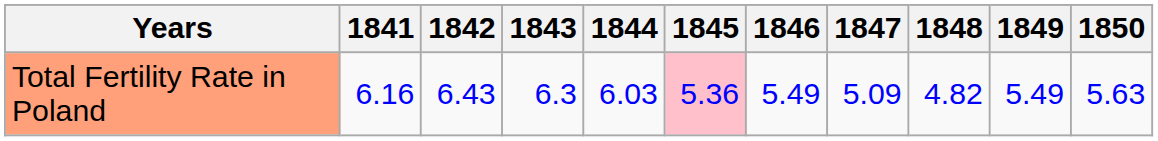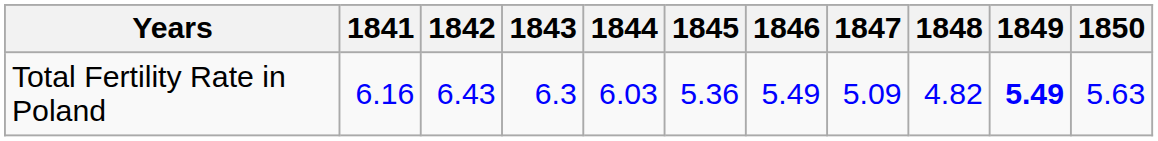 <table class="wikitable " style="text-align:right">
 <tr>
 <th>Years</th>
 <th>1841</th>
 <th>1842</th>
 <th>1843</th>
 <th>1844</th>
 <th>1845</th>
 <th>1846</th>
 <th>1847</th>
 <th>1848</th>
 <th>1849</th>
 <th>1850</th>
 </tr>
 <tr>
-<td align="left" style="background: lightsalmon;">Total Fertility Rate in Poland</td>
+<td align="left">Total Fertility Rate in Poland</td>
 <td style="text-align:right; color:blue;">6.16</td>
 <td style="text-align:right; color:blue;">6.43</td>
 <td style="text-align:right; color:blue;">6.3</td>
 <td style="text-align:right; color:blue;">6.03</td>
-<td style="background: pink; text-align:right; color:blue;">5.36</td>
+<td style="text-align:right; color:blue;">5.36</td>
 <td style="text-align:right; color:blue;">5.49</td>
 <td style="text-align:right; color:blue;">5.09</td>
 <td style="text-align:right; color:blue;">4.82</td>
-<td style="text-align:right; color:blue;">5.49</td>
+<td style="text-align:right; color:blue;"><strong>5.49</strong></td>
 <td style="text-align:right; color:blue;">5.63</td>
 </tr>
 </table>
